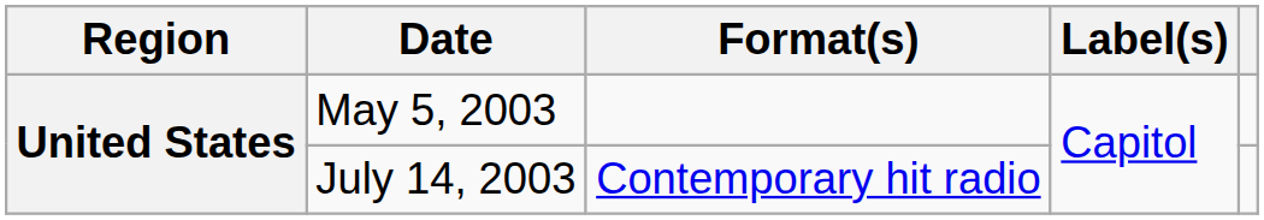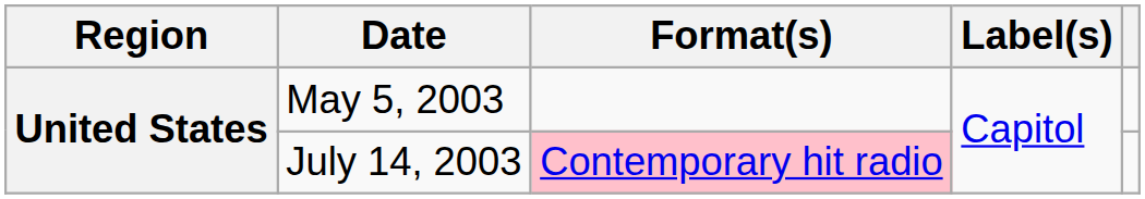 <table class="wikitable plainrowheaders">
 <tr>
 <th scope="col">Region</th>
 <th scope="col">Date</th>
 <th scope="col">Format(s)</th>
 <th scope="col">Label(s)</th>
 <th scope="col"></th>
 </tr>
 <tr>
 <th scope="row" rowspan="2">United States</th>
 <td>May 5, 2003</td>
 <td></td>
 <td rowspan="2"><a href='#'>Capitol</a></td>
 <td></td>
 </tr>
 <tr>
 <td>July 14, 2003</td>
-<td><a href='#'>Contemporary hit radio</a></td>
+<td style="background: pink;"><a href='#'>Contemporary hit radio</a></td>
 <td></td>
 </tr>
 </table>
